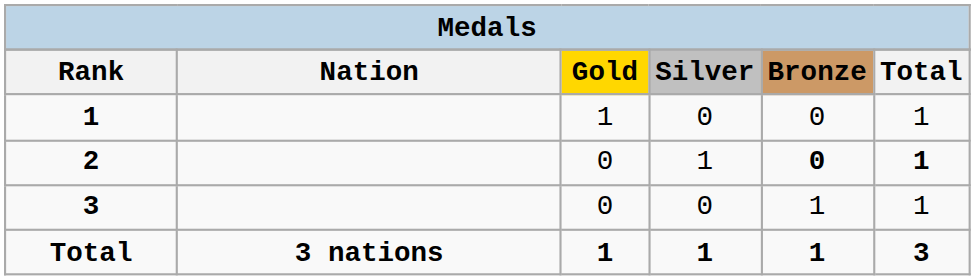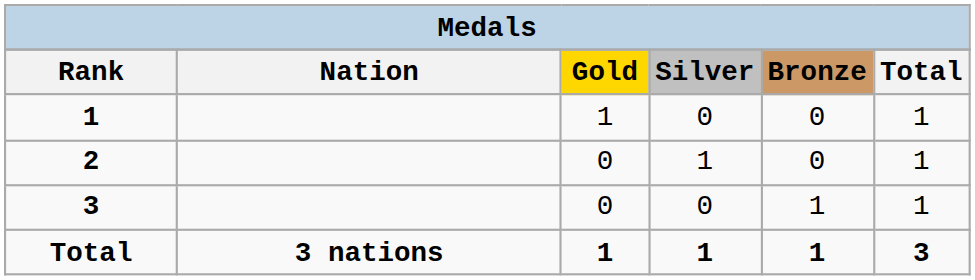 <table class=wikitable style=text-align:center>
 <tr>
 <td colspan=6 style="background:#BCD4E6"><strong>Medals</strong></td>
 </tr>
 <tr>
 </tr>
 <tr style="background-color:#EDEDED;">
 <th width=75px class="hintergrundfarbe5">Rank</th>
 <th width=175px class="hintergrundfarbe6">Nation</th>
 <th width=35px style="background:gold">Gold</th>
 <th width=35px style="background:silver">Silver</th>
 <th width=35px style="background:#CC9966">Bronze</th>
 <th width=35px>Total</th>
 </tr>
 <tr>
 <td><strong>1</strong></td>
 <td style="text-align:left"></td>
 <td>1</td>
 <td>0</td>
 <td>0</td>
 <td>1</td>
 </tr>
 <tr>
 <td><strong>2</strong></td>
 <td style="text-align:left"></td>
 <td>0</td>
 <td>1</td>
-<td><strong>0</strong></td>
-<td><strong>1</strong></td>
+<td>0</td>
+<td>1</td>
 </tr>
 <tr>
 <td><strong>3</strong></td>
 <td style="text-align:left"></td>
 <td>0</td>
 <td>0</td>
 <td>1</td>
 <td>1</td>
 </tr>
 <tr>
 <td><strong>Total</strong></td>
 <td><strong>3 nations</strong></td>
 <td><strong>1</strong></td>
 <td><strong>1</strong></td>
 <td><strong>1</strong></td>
 <td><strong>3</strong></td>
 </tr>
 </table>
